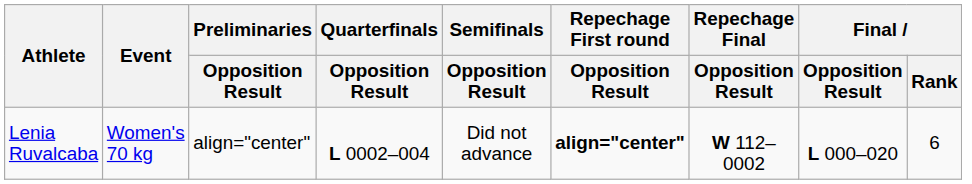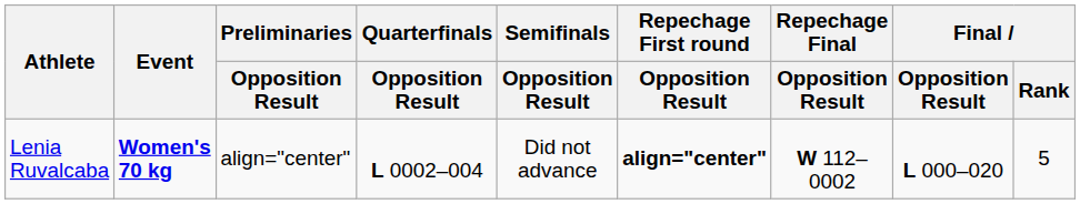 <table class="wikitable">
 <tr>
 <th rowspan="2">Athlete</th>
 <th rowspan="2">Event</th>
 <th>Preliminaries</th>
 <th>Quarterfinals</th>
 <th>Semifinals</th>
 <th>Repechage<br>First round</th>
 <th>Repechage<br>Final</th>
 <th colspan="2">Final / </th>
 </tr>
 <tr>
 <th>Opposition<br>Result</th>
 <th>Opposition<br>Result</th>
 <th>Opposition<br>Result</th>
 <th>Opposition<br>Result</th>
 <th>Opposition<br>Result</th>
 <th>Opposition<br>Result</th>
 <th>Rank</th>
 </tr>
 <tr>
 <td><a href='#'>Lenia Ruvalcaba</a></td>
-<td><a href='#'>Women's 70 kg</a></td>
+<td><strong><a href='#'>Women's 70 kg</a></strong></td>
 <td>align="center" </td>
 <td align="center"><br><strong>L</strong> 0002–004</td>
 <td align="center">Did not advance</td>
 <td><strong>align="center" </strong></td>
 <td align="center"><br><strong>W</strong> 112–0002</td>
 <td align="center"><br><strong>L</strong> 000–020</td>
-<td align="center">6</td>
+<td align="center">5</td>
 </tr>
 </table>
